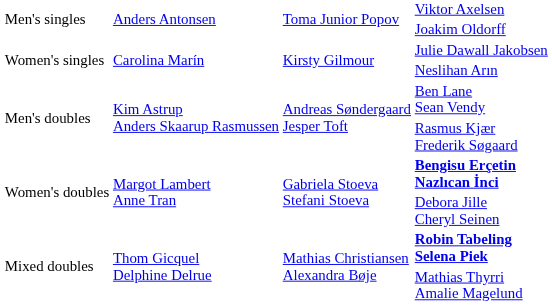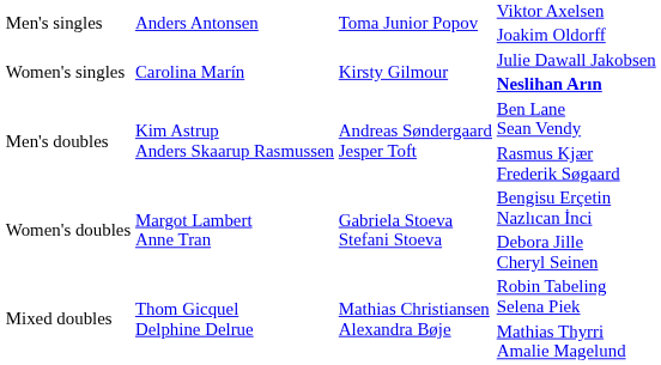 <table>
 <tr>
 <td rowspan="2">Men's singles</td>
 <td rowspan="2"> <a href='#'>Anders Antonsen</a></td>
 <td rowspan="2"> <a href='#'>Toma Junior Popov</a></td>
 <td> <a href='#'>Viktor Axelsen</a></td>
 </tr>
 <tr>
 <td> <a href='#'>Joakim Oldorff</a></td>
 </tr>
 <tr>
 <td rowspan="2">Women's singles</td>
 <td rowspan="2"> <a href='#'>Carolina Marín</a></td>
 <td rowspan="2"> <a href='#'>Kirsty Gilmour</a></td>
 <td> <a href='#'>Julie Dawall Jakobsen</a></td>
 </tr>
 <tr>
-<td> <a href='#'>Neslihan Arın</a></td>
+<td><strong> <a href='#'>Neslihan Arın</a></strong></td>
 </tr>
 <tr>
 <td rowspan="2">Men's doubles</td>
 <td rowspan="2"> <a href='#'>Kim Astrup</a><br> <a href='#'>Anders Skaarup Rasmussen</a></td>
 <td rowspan="2"> <a href='#'>Andreas Søndergaard</a><br> <a href='#'>Jesper Toft</a></td>
 <td> <a href='#'>Ben Lane</a> <br> <a href='#'>Sean Vendy</a></td>
 </tr>
 <tr>
 <td> <a href='#'>Rasmus Kjær</a><br> <a href='#'>Frederik Søgaard</a></td>
 </tr>
 <tr>
 <td rowspan="2">Women's doubles</td>
 <td rowspan="2"> <a href='#'>Margot Lambert</a><br> <a href='#'>Anne Tran</a></td>
 <td rowspan="2"> <a href='#'>Gabriela Stoeva</a><br> <a href='#'>Stefani Stoeva</a></td>
-<td><strong> <a href='#'>Bengisu Erçetin</a><br> <a href='#'>Nazlıcan İnci</a></strong></td>
+<td> <a href='#'>Bengisu Erçetin</a><br> <a href='#'>Nazlıcan İnci</a></td>
 </tr>
 <tr>
 <td> <a href='#'>Debora Jille</a><br> <a href='#'>Cheryl Seinen</a></td>
 </tr>
 <tr>
 <td rowspan="2">Mixed doubles</td>
 <td rowspan="2"> <a href='#'>Thom Gicquel</a><br> <a href='#'>Delphine Delrue</a></td>
 <td rowspan="2"> <a href='#'>Mathias Christiansen</a><br> <a href='#'>Alexandra Bøje</a></td>
-<td><strong> <a href='#'>Robin Tabeling</a><br> <a href='#'>Selena Piek</a></strong></td>
+<td> <a href='#'>Robin Tabeling</a><br> <a href='#'>Selena Piek</a></td>
 </tr>
 <tr>
 <td> <a href='#'>Mathias Thyrri</a><br> <a href='#'>Amalie Magelund</a></td>
 </tr>
 </table>
